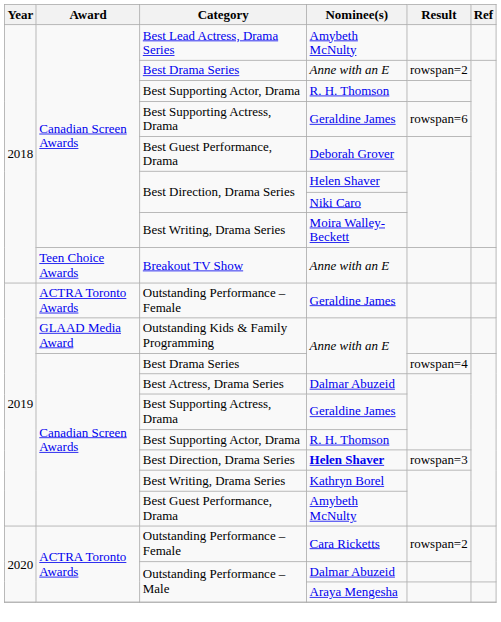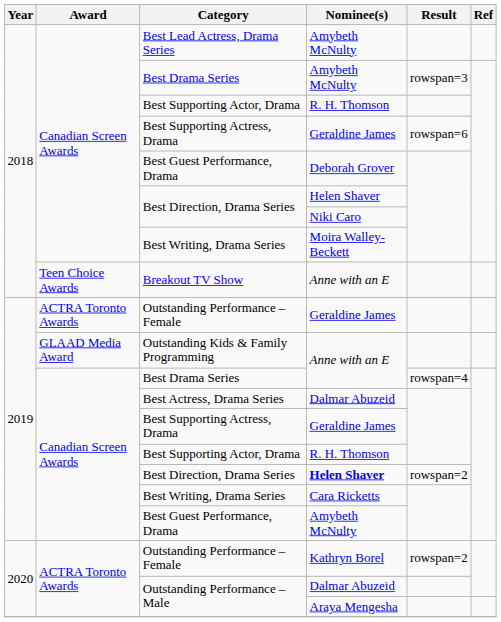 <table class="wikitable">
 <tr>
 <th>Year</th>
 <th>Award</th>
 <th>Category</th>
 <th>Nominee(s)</th>
 <th>Result</th>
 <th>Ref</th>
 </tr>
 <tr>
 <td rowspan=9>2018</td>
 <td rowspan=8><a href='#'>Canadian Screen Awards</a></td>
 <td><a href='#'>Best Lead Actress, Drama Series</a></td>
 <td><a href='#'>Amybeth McNulty</a></td>
 <td></td>
 <td></td>
 </tr>
 <tr>
 <td><a href='#'>Best Drama Series</a></td>
-<td><em>Anne with an E</em></td>
-<td>rowspan=2 </td>
+<td><a href='#'>Amybeth McNulty</a></td>
+<td>rowspan=3 </td>
 <td rowspan=7></td>
 </tr>
 <tr>
 <td>Best Supporting Actor, Drama</td>
 <td><a href='#'>R. H. Thomson</a></td>
 </tr>
 <tr>
 <td>Best Supporting Actress, Drama</td>
 <td><a href='#'>Geraldine James</a></td>
 <td>rowspan=6 </td>
 </tr>
 <tr>
 <td>Best Guest Performance, Drama</td>
 <td><a href='#'>Deborah Grover</a></td>
 </tr>
 <tr>
 <td rowspan=2>Best Direction, Drama Series</td>
 <td><a href='#'>Helen Shaver</a></td>
 </tr>
 <tr>
 <td><a href='#'>Niki Caro</a></td>
 </tr>
 <tr>
 <td>Best Writing, Drama Series</td>
 <td><a href='#'>Moira Walley-Beckett</a></td>
 </tr>
 <tr>
 <td><a href='#'>Teen Choice Awards</a></td>
 <td><a href='#'>Breakout TV Show</a></td>
 <td><em>Anne with an E</em></td>
 <td></td>
 </tr>
 <tr>
 <td rowspan=9>2019</td>
 <td><a href='#'>ACTRA Toronto Awards</a></td>
 <td>Outstanding Performance – Female</td>
 <td><a href='#'>Geraldine James</a></td>
 <td></td>
 <td></td>
 </tr>
 <tr>
 <td><a href='#'>GLAAD Media Award</a></td>
 <td>Outstanding Kids & Family Programming</td>
 <td rowspan=2><em>Anne with an E</em></td>
 <td></td>
 <td></td>
 </tr>
 <tr>
 <td rowspan=7><a href='#'>Canadian Screen Awards</a></td>
 <td>Best Drama Series</td>
 <td>rowspan=4 </td>
 <td rowspan=7></td>
 </tr>
 <tr>
 <td>Best Actress, Drama Series</td>
 <td><a href='#'>Dalmar Abuzeid</a></td>
 </tr>
 <tr>
 <td>Best Supporting Actress, Drama</td>
 <td><a href='#'>Geraldine James</a></td>
 </tr>
 <tr>
 <td>Best Supporting Actor, Drama</td>
 <td><a href='#'>R. H. Thomson</a></td>
 </tr>
 <tr>
 <td>Best Direction, Drama Series</td>
 <td><strong><a href='#'>Helen Shaver</a></strong></td>
-<td>rowspan=3 </td>
+<td>rowspan=2 </td>
 </tr>
 <tr>
 <td>Best Writing, Drama Series</td>
-<td><a href='#'>Kathryn Borel</a></td>
+<td><a href='#'>Cara Ricketts</a></td>
 </tr>
 <tr>
 <td>Best Guest Performance, Drama</td>
 <td><a href='#'>Amybeth McNulty</a></td>
 </tr>
 <tr>
 <td rowspan=3>2020</td>
 <td rowspan=3><a href='#'>ACTRA Toronto Awards</a></td>
 <td>Outstanding Performance – Female</td>
-<td><a href='#'>Cara Ricketts</a></td>
+<td><a href='#'>Kathryn Borel</a></td>
 <td>rowspan=2 </td>
 <td rowspan=2></td>
 </tr>
 <tr>
 <td rowspan=2>Outstanding Performance – Male</td>
 <td><a href='#'>Dalmar Abuzeid</a></td>
 </tr>
 <tr>
 <td><a href='#'>Araya Mengesha</a></td>
 <td></td>
 <td></td>
 </tr>
 <tr>
 </tr>
 </table>
